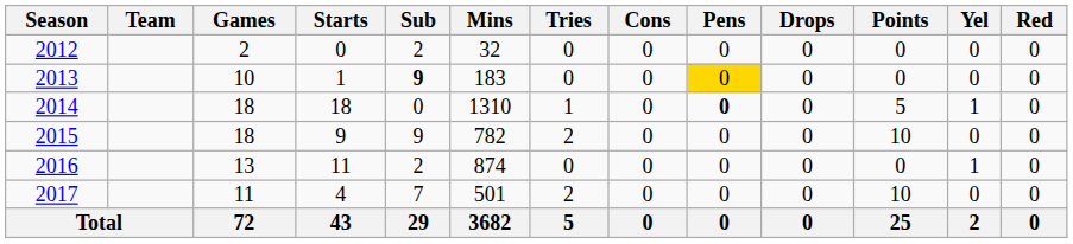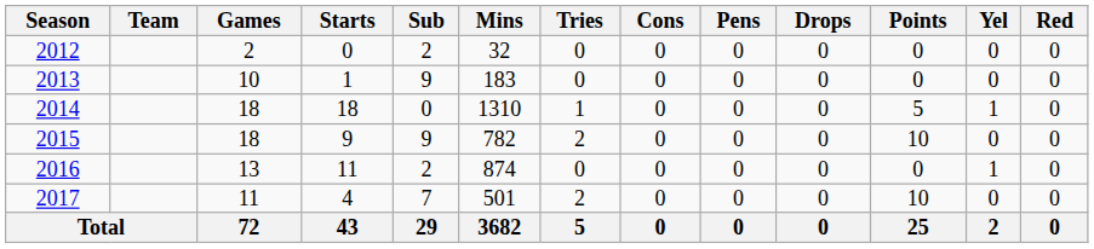 <table class="wikitable" style="text-align:center; line-height:90%; font-size:95%; width:60%;">
 <tr>
 <th>Season</th>
 <th>Team</th>
 <th>Games</th>
 <th>Starts</th>
 <th>Sub</th>
 <th>Mins</th>
 <th>Tries</th>
 <th>Cons</th>
 <th>Pens</th>
 <th>Drops</th>
 <th>Points</th>
 <th>Yel</th>
 <th>Red</th>
 </tr>
 <tr>
 <td><a href='#'>2012</a></td>
 <td></td>
 <td>2</td>
 <td>0</td>
 <td>2</td>
 <td>32</td>
 <td>0</td>
 <td>0</td>
 <td>0</td>
 <td>0</td>
 <td>0</td>
 <td>0</td>
 <td>0</td>
 </tr>
 <tr>
 <td><a href='#'>2013</a></td>
 <td></td>
 <td>10</td>
 <td>1</td>
-<td><strong>9</strong></td>
+<td>9</td>
 <td>183</td>
 <td>0</td>
 <td>0</td>
-<td style="background: gold;">0</td>
+<td>0</td>
 <td>0</td>
 <td>0</td>
 <td>0</td>
 <td>0</td>
 </tr>
 <tr>
 <td><a href='#'>2014</a></td>
 <td></td>
 <td>18</td>
 <td>18</td>
 <td>0</td>
 <td>1310</td>
 <td>1</td>
 <td>0</td>
-<td><strong>0</strong></td>
+<td>0</td>
 <td>0</td>
 <td>5</td>
 <td>1</td>
 <td>0</td>
 </tr>
 <tr>
 <td><a href='#'>2015</a></td>
 <td></td>
 <td>18</td>
 <td>9</td>
 <td>9</td>
 <td>782</td>
 <td>2</td>
 <td>0</td>
 <td>0</td>
 <td>0</td>
 <td>10</td>
 <td>0</td>
 <td>0</td>
 </tr>
 <tr>
 <td><a href='#'>2016</a></td>
 <td></td>
 <td>13</td>
 <td>11</td>
 <td>2</td>
 <td>874</td>
 <td>0</td>
 <td>0</td>
 <td>0</td>
 <td>0</td>
 <td>0</td>
 <td>1</td>
 <td>0</td>
 </tr>
 <tr>
 <td><a href='#'>2017</a></td>
 <td></td>
 <td>11</td>
 <td>4</td>
 <td>7</td>
 <td>501</td>
 <td>2</td>
 <td>0</td>
 <td>0</td>
 <td>0</td>
 <td>10</td>
 <td>0</td>
 <td>0</td>
 </tr>
 <tr>
 <th colspan="2">Total</th>
 <th>72</th>
 <th>43</th>
 <th>29</th>
 <th>3682</th>
 <th>5</th>
 <th>0</th>
 <th>0</th>
 <th>0</th>
 <th>25</th>
 <th>2</th>
 <th>0</th>
 </tr>
 </table>
